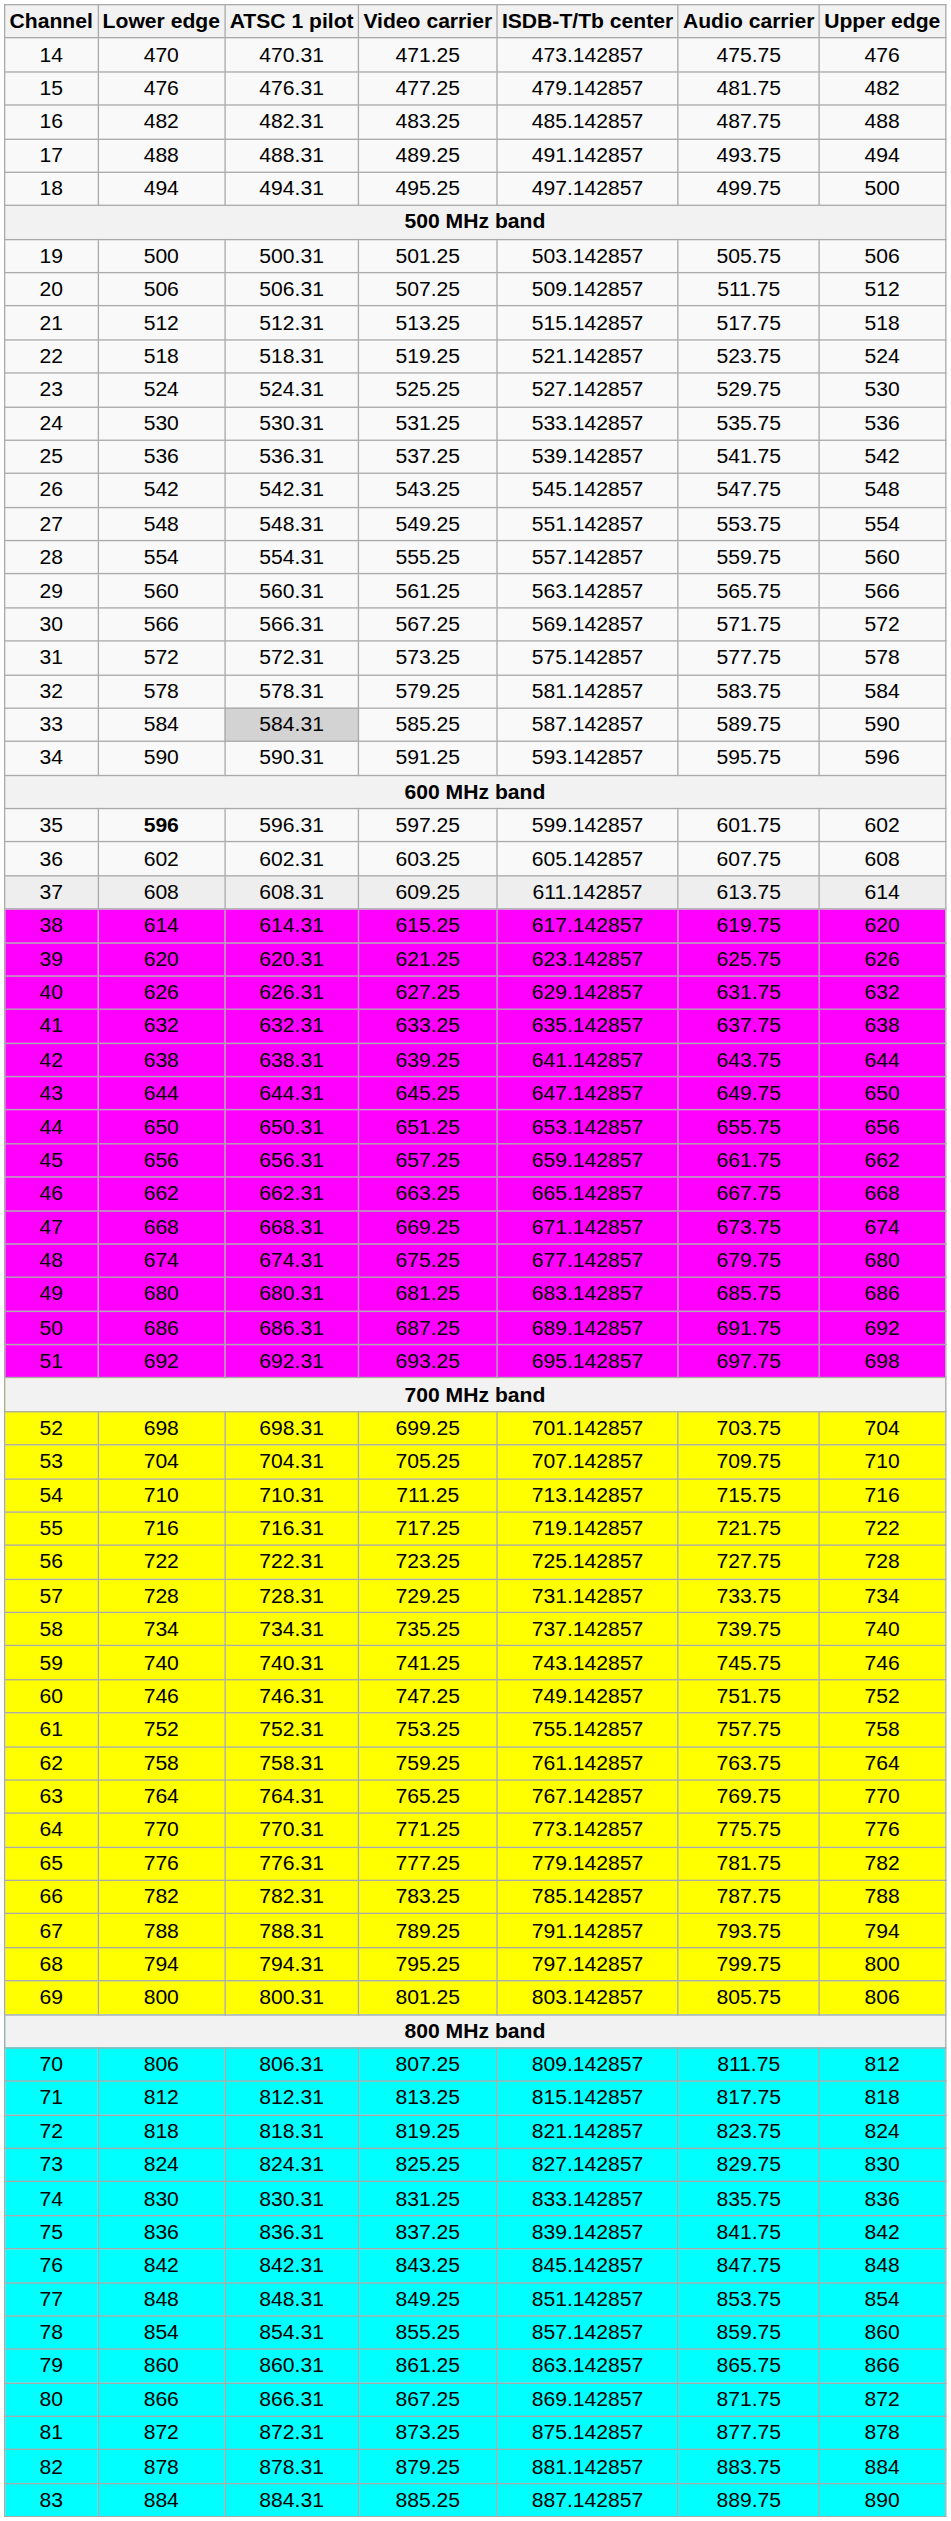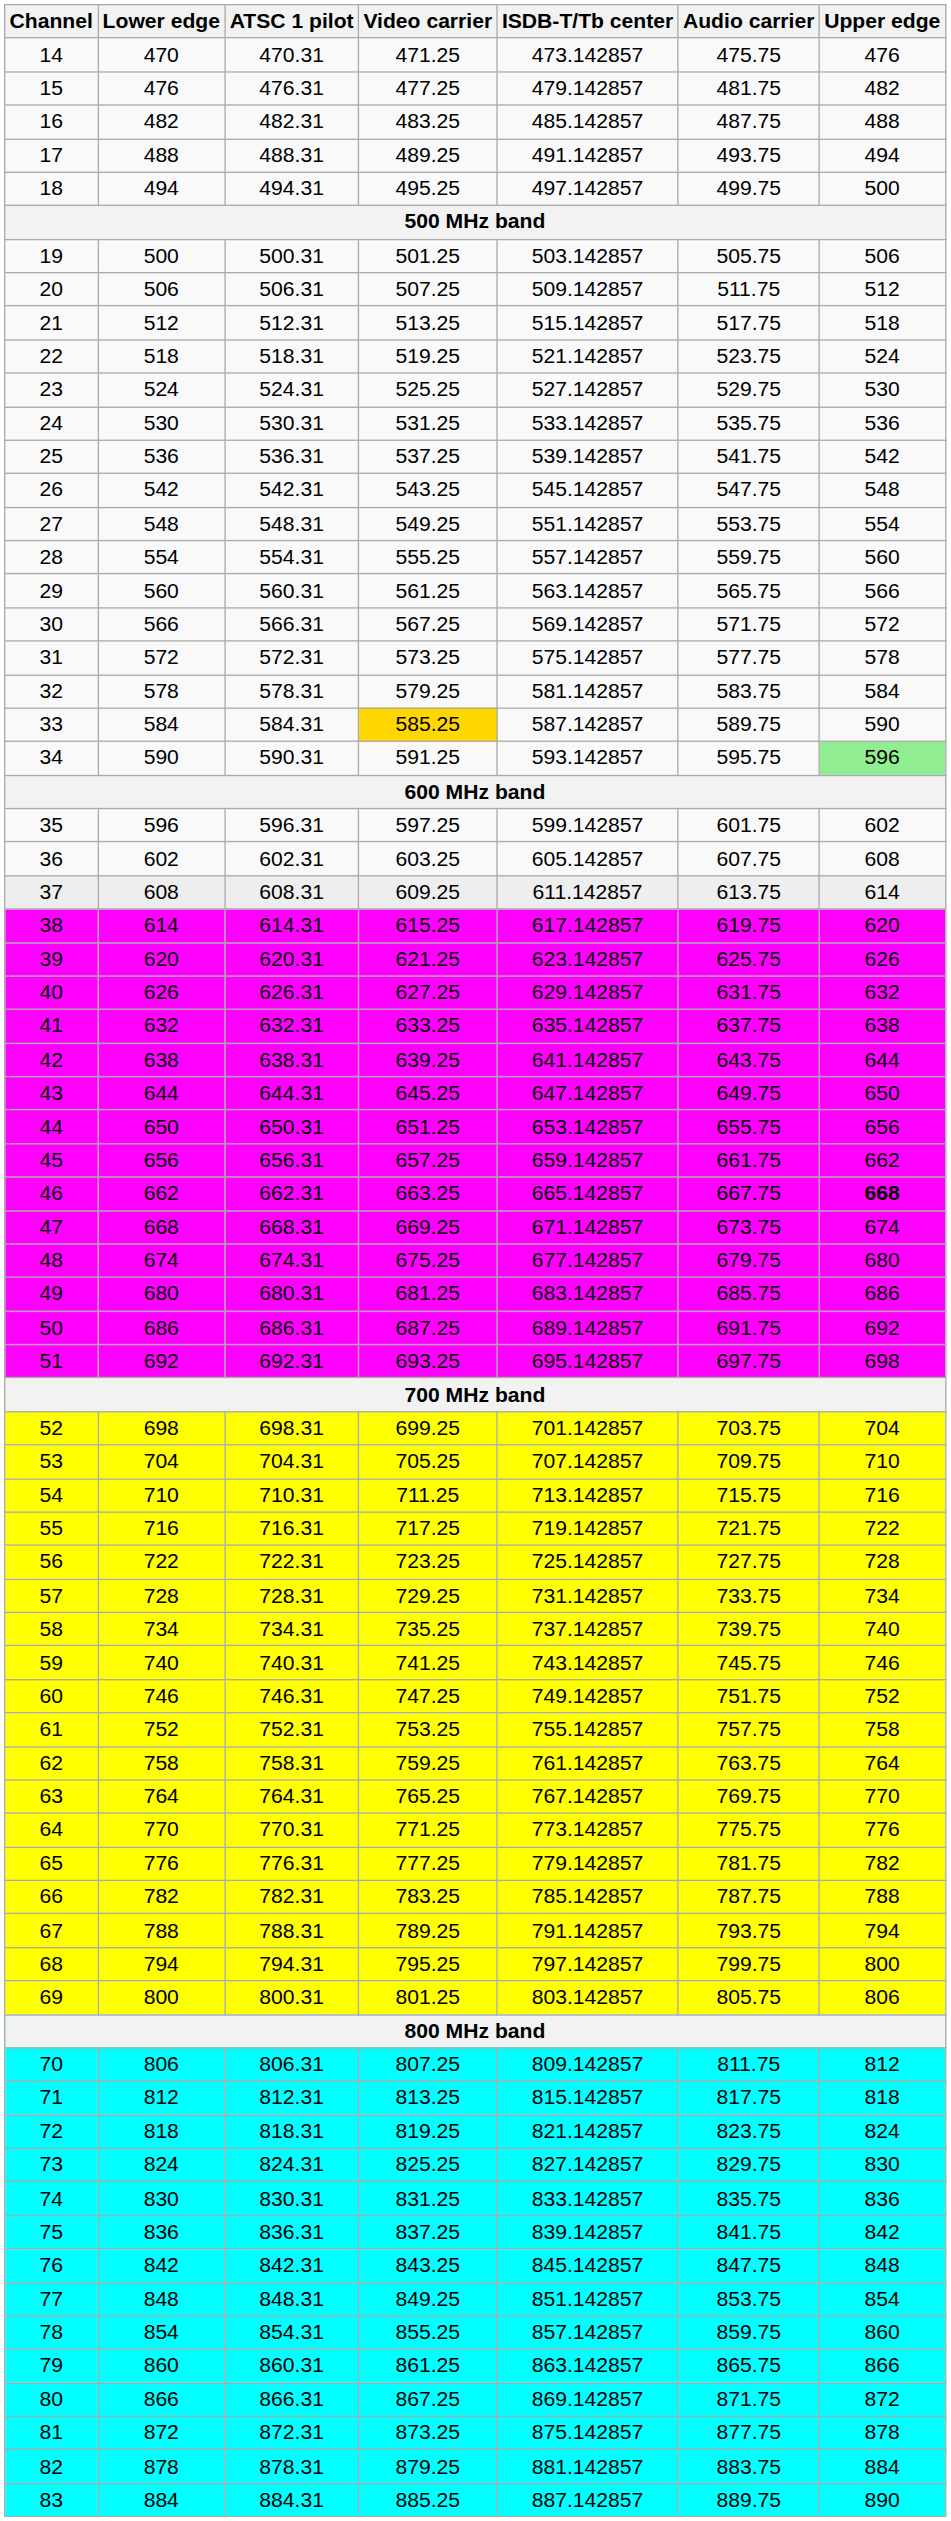 <table class="wikitable" style="text-align: center; border-collapse:collapse">
 <tr>
 <th>Channel</th>
 <th>Lower edge</th>
 <th>ATSC 1 pilot</th>
 <th>Video carrier</th>
 <th>ISDB-T/Tb center</th>
 <th>Audio carrier</th>
 <th>Upper edge</th>
 </tr>
 <tr>
 <td>14</td>
 <td>470</td>
 <td>470.31</td>
 <td>471.25</td>
 <td>473.142857</td>
 <td>475.75</td>
 <td>476</td>
 </tr>
 <tr>
 <td>15</td>
 <td>476</td>
 <td>476.31</td>
 <td>477.25</td>
 <td>479.142857</td>
 <td>481.75</td>
 <td>482</td>
 </tr>
 <tr>
 <td>16</td>
 <td>482</td>
 <td>482.31</td>
 <td>483.25</td>
 <td>485.142857</td>
 <td>487.75</td>
 <td>488</td>
 </tr>
 <tr>
 <td>17</td>
 <td>488</td>
 <td>488.31</td>
 <td>489.25</td>
 <td>491.142857</td>
 <td>493.75</td>
 <td>494</td>
 </tr>
 <tr>
 <td>18</td>
 <td>494</td>
 <td>494.31</td>
 <td>495.25</td>
 <td>497.142857</td>
 <td>499.75</td>
 <td>500</td>
 </tr>
 <tr>
 <th colspan=7>500 MHz band</th>
 </tr>
 <tr>
 <td>19</td>
 <td>500</td>
 <td>500.31</td>
 <td>501.25</td>
 <td>503.142857</td>
 <td>505.75</td>
 <td>506</td>
 </tr>
 <tr>
 <td>20</td>
 <td>506</td>
 <td>506.31</td>
 <td>507.25</td>
 <td>509.142857</td>
 <td>511.75</td>
 <td>512</td>
 </tr>
 <tr>
 <td>21</td>
 <td>512</td>
 <td>512.31</td>
 <td>513.25</td>
 <td>515.142857</td>
 <td>517.75</td>
 <td>518</td>
 </tr>
 <tr>
 <td>22</td>
 <td>518</td>
 <td>518.31</td>
 <td>519.25</td>
 <td>521.142857</td>
 <td>523.75</td>
 <td>524</td>
 </tr>
 <tr>
 <td>23</td>
 <td>524</td>
 <td>524.31</td>
 <td>525.25</td>
 <td>527.142857</td>
 <td>529.75</td>
 <td>530</td>
 </tr>
 <tr>
 <td>24</td>
 <td>530</td>
 <td>530.31</td>
 <td>531.25</td>
 <td>533.142857</td>
 <td>535.75</td>
 <td>536</td>
 </tr>
 <tr>
 <td>25</td>
 <td>536</td>
 <td>536.31</td>
 <td>537.25</td>
 <td>539.142857</td>
 <td>541.75</td>
 <td>542</td>
 </tr>
 <tr>
 <td>26</td>
 <td>542</td>
 <td>542.31</td>
 <td>543.25</td>
 <td>545.142857</td>
 <td>547.75</td>
 <td>548</td>
 </tr>
 <tr>
 <td>27</td>
 <td>548</td>
 <td>548.31</td>
 <td>549.25</td>
 <td>551.142857</td>
 <td>553.75</td>
 <td>554</td>
 </tr>
 <tr>
 <td>28</td>
 <td>554</td>
 <td>554.31</td>
 <td>555.25</td>
 <td>557.142857</td>
 <td>559.75</td>
 <td>560</td>
 </tr>
 <tr>
 <td>29</td>
 <td>560</td>
 <td>560.31</td>
 <td>561.25</td>
 <td>563.142857</td>
 <td>565.75</td>
 <td>566</td>
 </tr>
 <tr>
 <td>30</td>
 <td>566</td>
 <td>566.31</td>
 <td>567.25</td>
 <td>569.142857</td>
 <td>571.75</td>
 <td>572</td>
 </tr>
 <tr>
 <td>31</td>
 <td>572</td>
 <td>572.31</td>
 <td>573.25</td>
 <td>575.142857</td>
 <td>577.75</td>
 <td>578</td>
 </tr>
 <tr>
 <td>32</td>
 <td>578</td>
 <td>578.31</td>
 <td>579.25</td>
 <td>581.142857</td>
 <td>583.75</td>
 <td>584</td>
 </tr>
 <tr>
 <td>33</td>
 <td>584</td>
-<td style="background: lightgrey;">584.31</td>
-<td>585.25</td>
+<td>584.31</td>
+<td style="background: gold;">585.25</td>
 <td>587.142857</td>
 <td>589.75</td>
 <td>590</td>
 </tr>
 <tr>
 <td>34</td>
 <td>590</td>
 <td>590.31</td>
 <td>591.25</td>
 <td>593.142857</td>
 <td>595.75</td>
-<td>596</td>
+<td style="background: lightgreen;">596</td>
 </tr>
 <tr>
 <th colspan=7>600 MHz band</th>
 </tr>
 <tr>
 <td>35</td>
-<td><strong>596</strong></td>
+<td>596</td>
 <td>596.31</td>
 <td>597.25</td>
 <td>599.142857</td>
 <td>601.75</td>
 <td>602</td>
 </tr>
 <tr>
 <td>36</td>
 <td>602</td>
 <td>602.31</td>
 <td>603.25</td>
 <td>605.142857</td>
 <td>607.75</td>
 <td>608</td>
 </tr>
 <tr bgcolor=#EEEEEE>
 <td>37</td>
 <td>608</td>
 <td>608.31</td>
 <td>609.25</td>
 <td>611.142857</td>
 <td>613.75</td>
 <td>614</td>
 </tr>
 <tr bgcolor=#FF00FF>
 <td>38</td>
 <td>614</td>
 <td>614.31</td>
 <td>615.25</td>
 <td>617.142857</td>
 <td>619.75</td>
 <td>620</td>
 </tr>
 <tr bgcolor=#FF00FF>
 <td>39</td>
 <td>620</td>
 <td>620.31</td>
 <td>621.25</td>
 <td>623.142857</td>
 <td>625.75</td>
 <td>626</td>
 </tr>
 <tr bgcolor=#FF00FF>
 <td>40</td>
 <td>626</td>
 <td>626.31</td>
 <td>627.25</td>
 <td>629.142857</td>
 <td>631.75</td>
 <td>632</td>
 </tr>
 <tr bgcolor=#FF00FF>
 <td>41</td>
 <td>632</td>
 <td>632.31</td>
 <td>633.25</td>
 <td>635.142857</td>
 <td>637.75</td>
 <td>638</td>
 </tr>
 <tr bgcolor=#FF00FF>
 <td>42</td>
 <td>638</td>
 <td>638.31</td>
 <td>639.25</td>
 <td>641.142857</td>
 <td>643.75</td>
 <td>644</td>
 </tr>
 <tr bgcolor=#FF00FF>
 <td>43</td>
 <td>644</td>
 <td>644.31</td>
 <td>645.25</td>
 <td>647.142857</td>
 <td>649.75</td>
 <td>650</td>
 </tr>
 <tr bgcolor=#FF00FF>
 <td>44</td>
 <td>650</td>
 <td>650.31</td>
 <td>651.25</td>
 <td>653.142857</td>
 <td>655.75</td>
 <td>656</td>
 </tr>
 <tr bgcolor=#FF00FF>
 <td>45</td>
 <td>656</td>
 <td>656.31</td>
 <td>657.25</td>
 <td>659.142857</td>
 <td>661.75</td>
 <td>662</td>
 </tr>
 <tr bgcolor=#FF00FF>
 <td>46</td>
 <td>662</td>
 <td>662.31</td>
 <td>663.25</td>
 <td>665.142857</td>
 <td>667.75</td>
-<td>668</td>
+<td><strong>668</strong></td>
 </tr>
 <tr bgcolor=#FF00FF>
 <td>47</td>
 <td>668</td>
 <td>668.31</td>
 <td>669.25</td>
 <td>671.142857</td>
 <td>673.75</td>
 <td>674</td>
 </tr>
 <tr bgcolor=#FF00FF>
 <td>48</td>
 <td>674</td>
 <td>674.31</td>
 <td>675.25</td>
 <td>677.142857</td>
 <td>679.75</td>
 <td>680</td>
 </tr>
 <tr bgcolor=#FF00FF>
 <td>49</td>
 <td>680</td>
 <td>680.31</td>
 <td>681.25</td>
 <td>683.142857</td>
 <td>685.75</td>
 <td>686</td>
 </tr>
 <tr bgcolor=#FF00FF>
 <td>50</td>
 <td>686</td>
 <td>686.31</td>
 <td>687.25</td>
 <td>689.142857</td>
 <td>691.75</td>
 <td>692</td>
 </tr>
 <tr bgcolor=#FF00FF>
 <td>51</td>
 <td>692</td>
 <td>692.31</td>
 <td>693.25</td>
 <td>695.142857</td>
 <td>697.75</td>
 <td>698</td>
 </tr>
 <tr bgcolor=#FFFF00>
 <th colspan=7>700 MHz band</th>
 </tr>
 <tr bgcolor=#FFFF00>
 <td>52</td>
 <td>698</td>
 <td>698.31</td>
 <td>699.25</td>
 <td>701.142857</td>
 <td>703.75</td>
 <td>704</td>
 </tr>
 <tr bgcolor=#FFFF00>
 <td>53</td>
 <td>704</td>
 <td>704.31</td>
 <td>705.25</td>
 <td>707.142857</td>
 <td>709.75</td>
 <td>710</td>
 </tr>
 <tr bgcolor=#FFFF00>
 <td>54</td>
 <td>710</td>
 <td>710.31</td>
 <td>711.25</td>
 <td>713.142857</td>
 <td>715.75</td>
 <td>716</td>
 </tr>
 <tr bgcolor=#FFFF00>
 <td>55</td>
 <td>716</td>
 <td>716.31</td>
 <td>717.25</td>
 <td>719.142857</td>
 <td>721.75</td>
 <td>722</td>
 </tr>
 <tr bgcolor=#FFFF00>
 <td>56</td>
 <td>722</td>
 <td>722.31</td>
 <td>723.25</td>
 <td>725.142857</td>
 <td>727.75</td>
 <td>728</td>
 </tr>
 <tr bgcolor=#FFFF00>
 <td>57</td>
 <td>728</td>
 <td>728.31</td>
 <td>729.25</td>
 <td>731.142857</td>
 <td>733.75</td>
 <td>734</td>
 </tr>
 <tr bgcolor=#FFFF00>
 <td>58</td>
 <td>734</td>
 <td>734.31</td>
 <td>735.25</td>
 <td>737.142857</td>
 <td>739.75</td>
 <td>740</td>
 </tr>
 <tr bgcolor=#FFFF00>
 <td>59</td>
 <td>740</td>
 <td>740.31</td>
 <td>741.25</td>
 <td>743.142857</td>
 <td>745.75</td>
 <td>746</td>
 </tr>
 <tr bgcolor=#FFFF00>
 <td>60</td>
 <td>746</td>
 <td>746.31</td>
 <td>747.25</td>
 <td>749.142857</td>
 <td>751.75</td>
 <td>752</td>
 </tr>
 <tr bgcolor=#FFFF00>
 <td>61</td>
 <td>752</td>
 <td>752.31</td>
 <td>753.25</td>
 <td>755.142857</td>
 <td>757.75</td>
 <td>758</td>
 </tr>
 <tr bgcolor=#FFFF00>
 <td>62</td>
 <td>758</td>
 <td>758.31</td>
 <td>759.25</td>
 <td>761.142857</td>
 <td>763.75</td>
 <td>764</td>
 </tr>
 <tr bgcolor=#FFFF00>
 <td>63</td>
 <td>764</td>
 <td>764.31</td>
 <td>765.25</td>
 <td>767.142857</td>
 <td>769.75</td>
 <td>770</td>
 </tr>
 <tr bgcolor=#FFFF00>
 <td>64</td>
 <td>770</td>
 <td>770.31</td>
 <td>771.25</td>
 <td>773.142857</td>
 <td>775.75</td>
 <td>776</td>
 </tr>
 <tr bgcolor=#FFFF00>
 <td>65</td>
 <td>776</td>
 <td>776.31</td>
 <td>777.25</td>
 <td>779.142857</td>
 <td>781.75</td>
 <td>782</td>
 </tr>
 <tr bgcolor=#FFFF00>
 <td>66</td>
 <td>782</td>
 <td>782.31</td>
 <td>783.25</td>
 <td>785.142857</td>
 <td>787.75</td>
 <td>788</td>
 </tr>
 <tr bgcolor=#FFFF00>
 <td>67</td>
 <td>788</td>
 <td>788.31</td>
 <td>789.25</td>
 <td>791.142857</td>
 <td>793.75</td>
 <td>794</td>
 </tr>
 <tr bgcolor=#FFFF00>
 <td>68</td>
 <td>794</td>
 <td>794.31</td>
 <td>795.25</td>
 <td>797.142857</td>
 <td>799.75</td>
 <td>800</td>
 </tr>
 <tr bgcolor=#FFFF00>
 <td>69</td>
 <td>800</td>
 <td>800.31</td>
 <td>801.25</td>
 <td>803.142857</td>
 <td>805.75</td>
 <td>806</td>
 </tr>
 <tr bgcolor=#00FFFF>
 <th colspan=7>800 MHz band</th>
 </tr>
 <tr bgcolor=#00FFFF>
 <td>70</td>
 <td>806</td>
 <td>806.31</td>
 <td>807.25</td>
 <td>809.142857</td>
 <td>811.75</td>
 <td>812</td>
 </tr>
 <tr bgcolor=#00FFFF>
 <td>71</td>
 <td>812</td>
 <td>812.31</td>
 <td>813.25</td>
 <td>815.142857</td>
 <td>817.75</td>
 <td>818</td>
 </tr>
 <tr bgcolor=#00FFFF>
 <td>72</td>
 <td>818</td>
 <td>818.31</td>
 <td>819.25</td>
 <td>821.142857</td>
 <td>823.75</td>
 <td>824</td>
 </tr>
 <tr bgcolor=#00FFFF>
 <td>73</td>
 <td>824</td>
 <td>824.31</td>
 <td>825.25</td>
 <td>827.142857</td>
 <td>829.75</td>
 <td>830</td>
 </tr>
 <tr bgcolor=#00FFFF>
 <td>74</td>
 <td>830</td>
 <td>830.31</td>
 <td>831.25</td>
 <td>833.142857</td>
 <td>835.75</td>
 <td>836</td>
 </tr>
 <tr bgcolor=#00FFFF>
 <td>75</td>
 <td>836</td>
 <td>836.31</td>
 <td>837.25</td>
 <td>839.142857</td>
 <td>841.75</td>
 <td>842</td>
 </tr>
 <tr bgcolor=#00FFFF>
 <td>76</td>
 <td>842</td>
 <td>842.31</td>
 <td>843.25</td>
 <td>845.142857</td>
 <td>847.75</td>
 <td>848</td>
 </tr>
 <tr bgcolor=#00FFFF>
 <td>77</td>
 <td>848</td>
 <td>848.31</td>
 <td>849.25</td>
 <td>851.142857</td>
 <td>853.75</td>
 <td>854</td>
 </tr>
 <tr bgcolor=#00FFFF>
 <td>78</td>
 <td>854</td>
 <td>854.31</td>
 <td>855.25</td>
 <td>857.142857</td>
 <td>859.75</td>
 <td>860</td>
 </tr>
 <tr bgcolor=#00FFFF>
 <td>79</td>
 <td>860</td>
 <td>860.31</td>
 <td>861.25</td>
 <td>863.142857</td>
 <td>865.75</td>
 <td>866</td>
 </tr>
 <tr bgcolor=#00FFFF>
 <td>80</td>
 <td>866</td>
 <td>866.31</td>
 <td>867.25</td>
 <td>869.142857</td>
 <td>871.75</td>
 <td>872</td>
 </tr>
 <tr bgcolor=#00FFFF>
 <td>81</td>
 <td>872</td>
 <td>872.31</td>
 <td>873.25</td>
 <td>875.142857</td>
 <td>877.75</td>
 <td>878</td>
 </tr>
 <tr bgcolor=#00FFFF>
 <td>82</td>
 <td>878</td>
 <td>878.31</td>
 <td>879.25</td>
 <td>881.142857</td>
 <td>883.75</td>
 <td>884</td>
 </tr>
 <tr bgcolor=#00FFFF>
 <td>83</td>
 <td>884</td>
 <td>884.31</td>
 <td>885.25</td>
 <td>887.142857</td>
 <td>889.75</td>
 <td>890</td>
 </tr>
 </table>
